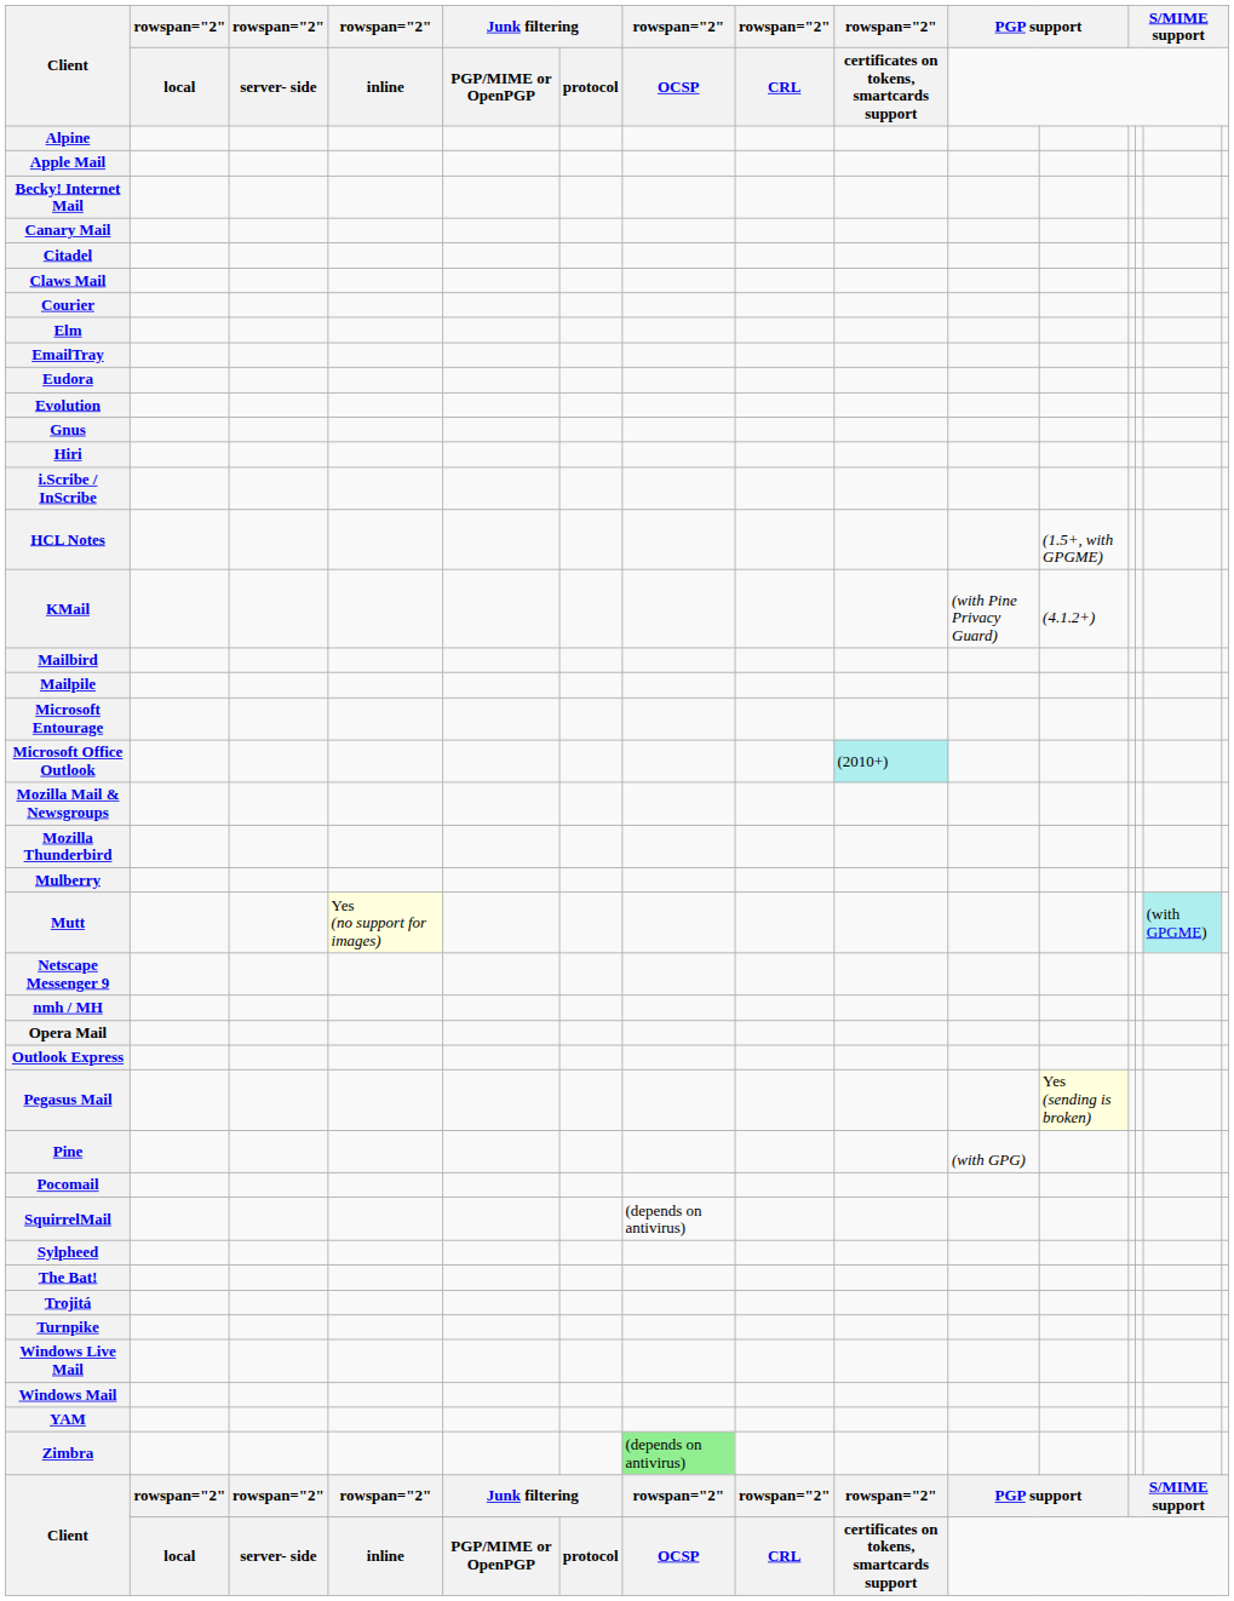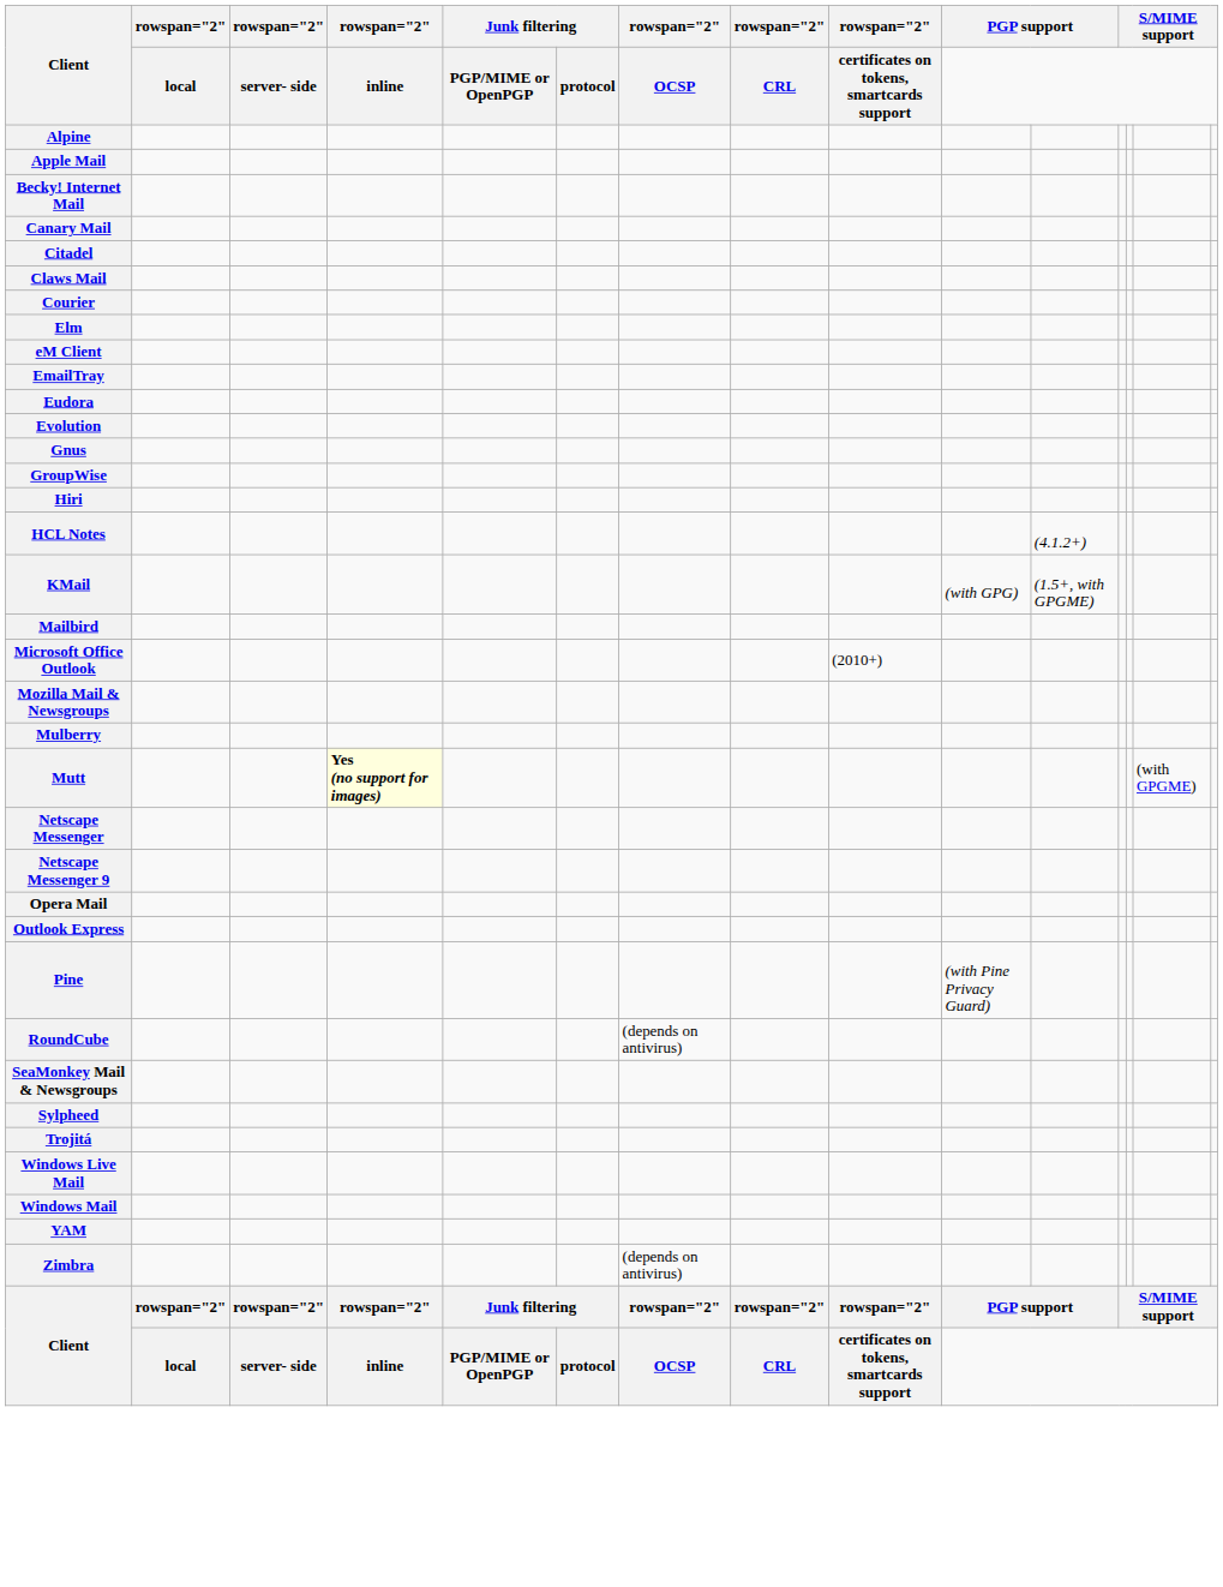 <table class="wikitable sortable sort-under sticky-header-multi">
 <tr>
 <th rowspan="2">Client</th>
 <th>rowspan="2" </th>
 <th>rowspan="2" </th>
 <th>rowspan="2" </th>
 <th colspan="2"><a href='#'>Junk</a> filtering</th>
 <th>rowspan="2" </th>
 <th>rowspan="2" </th>
 <th>rowspan="2" </th>
 <th colspan="2"><a href='#'>PGP</a> support</th>
 <th colspan="4"><a href='#'>S/MIME</a> support</th>
 </tr>
 <tr>
 <th>local</th>
 <th>server- side</th>
 <th>inline</th>
 <th>PGP/MIME or OpenPGP</th>
 <th>protocol</th>
 <th><a href='#'>OCSP</a></th>
 <th><a href='#'>CRL</a></th>
 <th>certificates on tokens,<br>smartcards support</th>
 </tr>
 <tr>
 <th><a href='#'>Alpine</a></th>
 <td></td>
 <td></td>
 <td></td>
 <td></td>
 <td></td>
 <td></td>
 <td></td>
 <td></td>
 <td></td>
 <td></td>
 <td></td>
 <td></td>
 <td></td>
 <td></td>
 </tr>
 <tr>
 <th><a href='#'>Apple Mail</a></th>
 <td></td>
 <td></td>
 <td></td>
 <td></td>
 <td></td>
 <td></td>
 <td></td>
 <td></td>
 <td></td>
 <td></td>
 <td></td>
 <td></td>
 <td></td>
 <td></td>
 </tr>
 <tr>
 <th><a href='#'>Becky! Internet Mail</a></th>
 <td></td>
 <td></td>
 <td></td>
 <td></td>
 <td></td>
 <td></td>
 <td></td>
 <td></td>
 <td></td>
 <td></td>
 <td></td>
 <td></td>
 <td></td>
 <td></td>
 </tr>
 <tr>
 <th><a href='#'>Canary Mail</a></th>
 <td></td>
 <td></td>
 <td></td>
 <td></td>
 <td></td>
 <td></td>
 <td></td>
 <td></td>
 <td></td>
 <td></td>
 <td></td>
 <td></td>
 <td></td>
 <td></td>
 </tr>
 <tr>
 <th><a href='#'>Citadel</a></th>
 <td></td>
 <td></td>
 <td></td>
 <td> </td>
 <td></td>
 <td></td>
 <td></td>
 <td></td>
 <td></td>
 <td></td>
 <td></td>
 <td></td>
 <td></td>
 </tr>
 <tr>
 <th><a href='#'>Claws Mail</a></th>
 <td></td>
 <td></td>
 <td></td>
 <td></td>
 <td></td>
 <td></td>
 <td></td>
 <td></td>
 <td></td>
 <td></td>
 <td></td>
 <td></td>
 <td></td>
 <td></td>
 </tr>
 <tr>
 <th><a href='#'>Courier</a></th>
 <td></td>
 <td></td>
 <td></td>
 <td></td>
 <td></td>
 <td></td>
 <td></td>
 <td></td>
 <td></td>
 <td></td>
 <td></td>
 <td></td>
 <td></td>
 <td></td>
 </tr>
 <tr>
 <th><a href='#'>Elm</a></th>
 <td></td>
 <td></td>
 <td></td>
 <td></td>
 <td></td>
 <td></td>
 <td></td>
 <td></td>
 <td></td>
 <td></td>
 <td></td>
 <td></td>
 <td></td>
 <td></td>
 </tr>
 <tr>
+<th><a href='#'>eM Client</a></th>
+<td></td>
+<td></td>
+<td></td>
+<td></td>
+<td></td>
+<td></td>
+<td></td>
+<td></td>
+<td></td>
+<td></td>
+<td></td>
+<td></td>
+<td></td>
+<td></td>
+</tr>
+<tr>
 <th><a href='#'>EmailTray</a></th>
 <td></td>
 <td></td>
 <td></td>
 <td></td>
 <td></td>
 <td></td>
 <td></td>
 <td></td>
 <td></td>
 <td></td>
 <td></td>
 <td></td>
 <td></td>
 <td></td>
 </tr>
 <tr>
 <th><a href='#'>Eudora</a></th>
 <td></td>
 <td></td>
 <td></td>
 <td></td>
 <td></td>
 <td></td>
 <td></td>
 <td></td>
 <td> </td>
 <td> </td>
 <td></td>
 <td></td>
 <td></td>
 <td></td>
 </tr>
 <tr>
 <th><a href='#'>Evolution</a></th>
 <td></td>
 <td></td>
 <td></td>
 <td></td>
 <td></td>
 <td></td>
 <td></td>
 <td></td>
 <td></td>
 <td></td>
 <td></td>
 <td></td>
 <td></td>
 <td></td>
 </tr>
 <tr>
 <th><a href='#'>Gnus</a></th>
 <td></td>
 <td></td>
 <td></td>
 <td></td>
 <td></td>
 <td></td>
 <td></td>
 <td></td>
 <td></td>
 <td></td>
 <td></td>
 <td></td>
 <td></td>
 <td></td>
 </tr>
 <tr>
-<th><a href='#'>Hiri</a></th>
+<th><a href='#'>GroupWise</a></th>
 <td></td>
 <td></td>
 <td></td>
 <td></td>
 <td></td>
 <td></td>
 <td></td>
 <td></td>
 <td></td>
 <td></td>
 <td></td>
 <td></td>
 <td></td>
 <td></td>
 </tr>
 <tr>
-<th><a href='#'>i.Scribe / InScribe</a></th>
+<th><a href='#'>Hiri</a></th>
 <td></td>
 <td></td>
 <td></td>
 <td></td>
 <td></td>
 <td></td>
 <td></td>
 <td></td>
 <td></td>
 <td></td>
 <td></td>
 <td></td>
 <td></td>
 <td></td>
 </tr>
 <tr>
 <th><a href='#'>HCL Notes</a></th>
 <td></td>
 <td></td>
 <td></td>
 <td></td>
 <td></td>
 <td></td>
 <td> </td>
 <td></td>
 <td></td>
-<td> <br><em>(1.5+, with GPGME)</em></td>
+<td> <br><em>(4.1.2+)</em></td>
 <td></td>
 <td></td>
 <td></td>
 <td></td>
 </tr>
 <tr>
 <th><a href='#'>KMail</a></th>
 <td></td>
 <td></td>
 <td></td>
 <td></td>
 <td></td>
 <td></td>
 <td></td>
 <td></td>
-<td> <br><em>(with Pine Privacy Guard)</em></td>
-<td> <br><em>(4.1.2+)</em></td>
+<td> <br><em>(with GPG)</em></td>
+<td> <br><em>(1.5+, with GPGME)</em></td>
 <td></td>
 <td></td>
 <td></td>
 <td></td>
 </tr>
 <tr>
 <th><a href='#'>Mailbird</a></th>
-<td></td>
-<td></td>
-<td></td>
-<td></td>
-<td></td>
-<td></td>
-<td></td>
-<td></td>
-<td></td>
-<td></td>
-<td></td>
-<td></td>
-<td></td>
-<td></td>
-</tr>
-<tr>
-<th><a href='#'>Mailpile</a></th>
-<td></td>
-<td></td>
-<td></td>
-<td></td>
-<td></td>
-<td></td>
-<td></td>
-<td></td>
-<td></td>
-<td></td>
-<td></td>
-<td></td>
-<td></td>
-<td></td>
-</tr>
-<tr>
-<th><a href='#'>Microsoft Entourage</a></th>
 <td></td>
 <td></td>
 <td></td>
 <td></td>
 <td></td>
 <td></td>
 <td></td>
 <td></td>
 <td></td>
 <td></td>
 <td></td>
 <td></td>
 <td></td>
 <td></td>
 </tr>
 <tr>
 <th><a href='#'>Microsoft Office Outlook</a></th>
 <td></td>
 <td></td>
 <td></td>
 <td></td>
 <td></td>
 <td></td>
 <td></td>
-<td style="background: paleturquoise;"> (2010+)</td>
+<td> (2010+)</td>
 <td></td>
 <td></td>
 <td></td>
 <td></td>
 <td></td>
 <td></td>
 </tr>
 <tr>
 <th><a href='#'>Mozilla Mail & Newsgroups</a></th>
 <td></td>
 <td></td>
 <td></td>
 <td></td>
 <td></td>
 <td></td>
 <td></td>
 <td></td>
 <td></td>
-<td></td>
-<td></td>
-<td></td>
-<td></td>
-<td></td>
-</tr>
-<tr>
-<th><a href='#'>Mozilla Thunderbird</a></th>
-<td></td>
-<td> </td>
-<td></td>
-<td></td>
-<td></td>
-<td> </td>
-<td></td>
-<td></td>
-<td> </td>
 <td></td>
 <td></td>
 <td></td>
 <td></td>
 <td></td>
 </tr>
 <tr>
 <th><a href='#'>Mulberry</a></th>
 <td></td>
 <td></td>
 <td></td>
 <td></td>
 <td></td>
 <td></td>
 <td></td>
 <td></td>
 <td> </td>
 <td> </td>
 <td> </td>
 <td></td>
 <td></td>
 <td></td>
 </tr>
 <tr>
 <th><a href='#'>Mutt</a></th>
 <td></td>
 <td></td>
-<td style="background: #ffffdd;">Yes<br><em>(no support for images)</em></td>
+<td style="background: #ffffdd;"><strong>Yes<br><em>(no support for images)</em></strong></td>
 <td></td>
 <td></td>
 <td></td>
 <td></td>
 <td></td>
 <td></td>
 <td></td>
 <td></td>
 <td></td>
-<td style="background: paleturquoise;"> (with <a href='#'>GPGME</a>)</td>
+<td> (with <a href='#'>GPGME</a>)</td>
 <td></td>
 </tr>
 <tr>
-<th><a href='#'>Netscape Messenger 9</a></th>
+<th><a href='#'>Netscape Messenger</a></th>
 <td></td>
 <td></td>
 <td></td>
 <td></td>
 <td></td>
 <td></td>
 <td></td>
 <td></td>
 <td></td>
 <td></td>
 <td></td>
 <td></td>
 <td></td>
 <td></td>
 </tr>
 <tr>
-<th><a href='#'>nmh / MH</a></th>
+<th><a href='#'>Netscape Messenger 9</a></th>
 <td></td>
 <td></td>
 <td></td>
 <td></td>
 <td></td>
 <td></td>
 <td></td>
 <td></td>
 <td></td>
 <td></td>
 <td></td>
 <td></td>
 <td></td>
 <td></td>
 </tr>
 <tr>
 <th>Opera Mail</th>
 <td></td>
 <td></td>
 <td></td>
 <td></td>
 <td></td>
 <td></td>
 <td></td>
 <td></td>
 <td></td>
 <td></td>
 <td></td>
 <td></td>
 <td></td>
 <td></td>
 </tr>
 <tr>
 <th><a href='#'>Outlook Express</a></th>
 <td></td>
 <td></td>
 <td></td>
 <td></td>
 <td></td>
 <td></td>
 <td></td>
 <td></td>
 <td> </td>
 <td> </td>
 <td></td>
 <td></td>
 <td></td>
 <td></td>
 </tr>
 <tr>
-<th><a href='#'>Pegasus Mail</a></th>
-<td></td>
-<td></td>
-<td></td>
-<td></td>
-<td></td>
-<td></td>
-<td></td>
-<td></td>
-<td></td>
-<td style="background: #ffffdd;">Yes<br><em>(sending is broken)</em></td>
-<td></td>
-<td></td>
-<td></td>
-<td></td>
-</tr>
-<tr>
 <th><a href='#'>Pine</a></th>
 <td></td>
 <td></td>
 <td></td>
 <td></td>
 <td></td>
 <td></td>
 <td></td>
 <td></td>
-<td> <br><em>(with GPG)</em></td>
+<td> <br><em>(with Pine Privacy Guard)</em></td>
 <td></td>
 <td></td>
 <td></td>
 <td></td>
 <td></td>
 </tr>
 <tr>
-<th><a href='#'>Pocomail</a></th>
+<th><a href='#'>RoundCube</a></th>
 <td></td>
 <td></td>
 <td></td>
 <td></td>
 <td></td>
-<td></td>
+<td> (depends on antivirus)</td>
 <td></td>
 <td></td>
 <td></td>
 <td></td>
 <td></td>
 <td></td>
 <td></td>
 <td></td>
 </tr>
 <tr>
-<th><a href='#'>SquirrelMail</a></th>
+<th><a href='#'>SeaMonkey</a> Mail & Newsgroups</th>
 <td></td>
 <td></td>
 <td></td>
 <td></td>
 <td></td>
-<td> (depends on antivirus)</td>
 <td></td>
 <td></td>
 <td></td>
-<td></td>
+<td> </td>
+<td> </td>
 <td></td>
 <td></td>
 <td></td>
 <td></td>
 </tr>
 <tr>
 <th><a href='#'>Sylpheed</a></th>
 <td> </td>
 <td></td>
 <td></td>
 <td></td>
 <td></td>
 <td></td>
 <td></td>
 <td></td>
 <td></td>
 <td></td>
 <td></td>
 <td></td>
 <td></td>
 <td></td>
 </tr>
 <tr>
-<th><a href='#'>The Bat!</a></th>
-<td></td>
-<td></td>
-<td> </td>
-<td></td>
-<td></td>
-<td></td>
-<td></td>
-<td></td>
-<td></td>
-<td></td>
-<td></td>
-<td> </td>
-<td> </td>
-<td> </td>
-</tr>
-<tr>
 <th><a href='#'>Trojitá</a></th>
-<td></td>
-<td></td>
-<td></td>
-<td></td>
-<td></td>
-<td></td>
-<td></td>
-<td></td>
-<td></td>
-<td></td>
-<td></td>
-<td></td>
-<td></td>
-<td></td>
-</tr>
-<tr>
-<th><a href='#'>Turnpike</a></th>
 <td></td>
 <td></td>
 <td></td>
 <td></td>
 <td></td>
 <td></td>
 <td></td>
 <td></td>
 <td></td>
 <td></td>
 <td></td>
 <td></td>
 <td></td>
 <td></td>
 </tr>
 <tr>
 <th><a href='#'>Windows Live Mail</a></th>
 <td></td>
 <td></td>
 <td></td>
 <td></td>
 <td></td>
 <td></td>
 <td></td>
 <td></td>
 <td></td>
 <td></td>
 <td></td>
 <td></td>
 <td></td>
 <td></td>
 </tr>
 <tr>
 <th><a href='#'>Windows Mail</a></th>
 <td></td>
 <td></td>
 <td></td>
 <td></td>
 <td></td>
 <td></td>
 <td></td>
 <td></td>
 <td></td>
 <td></td>
 <td></td>
 <td></td>
 <td></td>
 <td></td>
 </tr>
 <tr>
 <th><a href='#'>YAM</a></th>
 <td></td>
 <td></td>
 <td></td>
 <td></td>
 <td></td>
 <td></td>
 <td></td>
 <td></td>
 <td></td>
 <td></td>
 <td></td>
 <td></td>
 <td></td>
 <td></td>
 </tr>
 <tr>
 <th><a href='#'>Zimbra</a></th>
 <td></td>
 <td></td>
 <td></td>
 <td></td>
 <td></td>
-<td style="background: lightgreen;"> (depends on antivirus)</td>
+<td> (depends on antivirus)</td>
 <td></td>
 <td></td>
 <td></td>
 <td></td>
 <td></td>
 <td></td>
 <td></td>
 <td></td>
 </tr>
 <tr class="sortbottom">
 <th rowspan="2">Client</th>
 <th>rowspan="2" </th>
 <th>rowspan="2" </th>
 <th>rowspan="2" </th>
 <th colspan="2"><a href='#'>Junk</a> filtering</th>
 <th>rowspan="2" </th>
 <th>rowspan="2" </th>
 <th>rowspan="2" </th>
 <th colspan="2"><a href='#'>PGP</a> support</th>
 <th colspan="4"><a href='#'>S/MIME</a> support</th>
 </tr>
 <tr class="sortbottom">
 <th>local</th>
 <th>server- side</th>
 <th>inline</th>
 <th>PGP/MIME or OpenPGP</th>
 <th>protocol</th>
 <th><a href='#'>OCSP</a></th>
 <th><a href='#'>CRL</a></th>
 <th>certificates on tokens,<br>smartcards support</th>
 </tr>
 </table>
